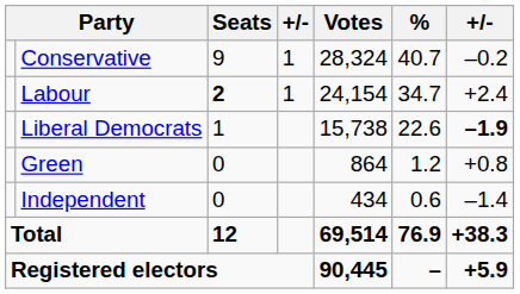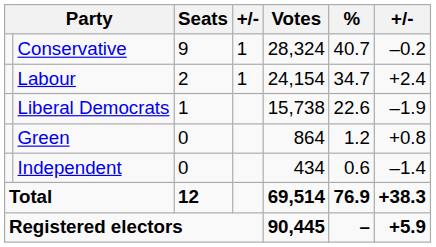 <table class="wikitable sortable">
 <tr>
 <th colspan="2">Party</th>
 <th>Seats</th>
 <th>+/-</th>
 <th>Votes</th>
 <th>%</th>
 <th>+/-</th>
 </tr>
 <tr>
 <td style="background-color: "></td>
 <td><a href='#'>Conservative</a></td>
 <td>9</td>
 <td> 1</td>
 <td style="text-align:right;">28,324</td>
 <td style="text-align:right;">40.7</td>
 <td style="text-align:right;">–0.2</td>
 </tr>
 <tr>
 <td style="background-color: "></td>
 <td><a href='#'>Labour</a></td>
-<td><strong>2</strong></td>
+<td>2</td>
 <td> 1</td>
 <td style="text-align:right;">24,154</td>
 <td style="text-align:right;">34.7</td>
 <td style="text-align:right;">+2.4</td>
 </tr>
 <tr>
 <td style="background-color: "></td>
 <td><a href='#'>Liberal Democrats</a></td>
 <td>1</td>
 <td></td>
 <td style="text-align:right;">15,738</td>
 <td style="text-align:right;">22.6</td>
-<td style="text-align:right;"><strong>–1.9</strong></td>
+<td style="text-align:right;">–1.9</td>
 </tr>
 <tr>
 <td style="background-color: "></td>
 <td><a href='#'>Green</a></td>
 <td>0</td>
 <td></td>
 <td style="text-align:right;">864</td>
 <td style="text-align:right;">1.2</td>
 <td style="text-align:right;">+0.8</td>
 </tr>
 <tr>
 <td style="background-color: "></td>
 <td><a href='#'>Independent</a></td>
 <td>0</td>
 <td></td>
 <td style="text-align:right;">434</td>
 <td style="text-align:right;">0.6</td>
 <td style="text-align:right;">–1.4</td>
 </tr>
 <tr>
 <td colspan="2"><strong>Total</strong></td>
 <td><strong>12</strong></td>
 <td></td>
 <td style="text-align:right;"><strong>69,514</strong></td>
 <td style="text-align:right;"><strong>76.9</strong></td>
 <td style="text-align:right;"><strong>+38.3</strong></td>
 </tr>
 <tr>
 <td colspan="4"><strong>Registered electors</strong></td>
 <td style="text-align:right;"><strong>90,445</strong></td>
 <td style="text-align:right;"><strong>–</strong></td>
 <td style="text-align:right;"><strong>+5.9</strong></td>
 </tr>
 </table>
